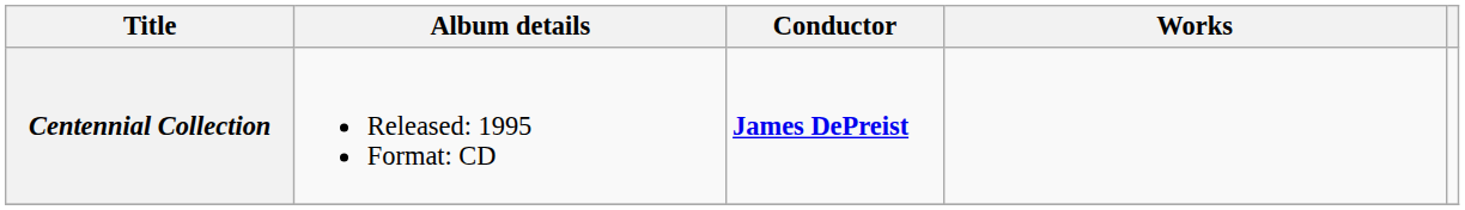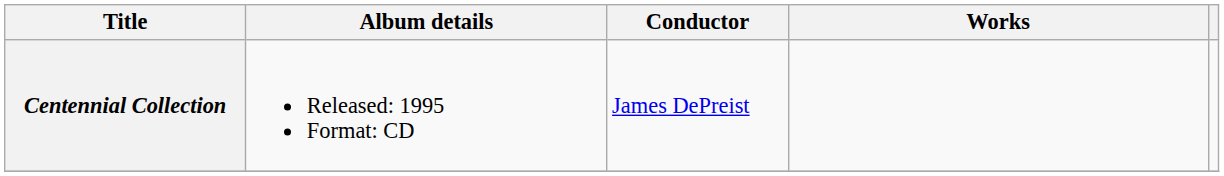 <table class="wikitable plainrowheaders">
 <tr>
 <th scope="col" width="20%">Title</th>
 <th scope="col" width="30%">Album details</th>
 <th scope="col" width="15%">Conductor</th>
 <th scope="col" width="35%">Works</th>
 <th scope="col"></th>
 </tr>
 <tr>
 <th scope="row"><em>Centennial Collection</em></th>
 <td><br><ul><li>Released: 1995</li><li>Format: CD</li></ul></td>
-<td data-sort-value="DePreist, James"><strong><a href='#'>James DePreist</a></strong></td>
+<td data-sort-value="DePreist, James"><a href='#'>James DePreist</a></td>
 <td></td>
 <td align="center"></td>
 </tr>
 <tr>
 </tr>
 </table>
